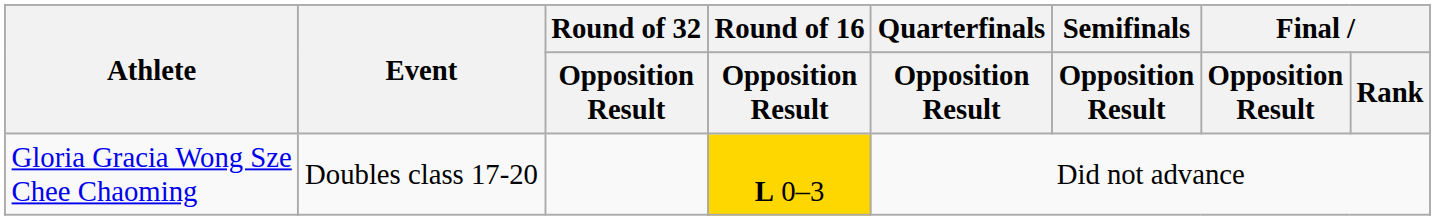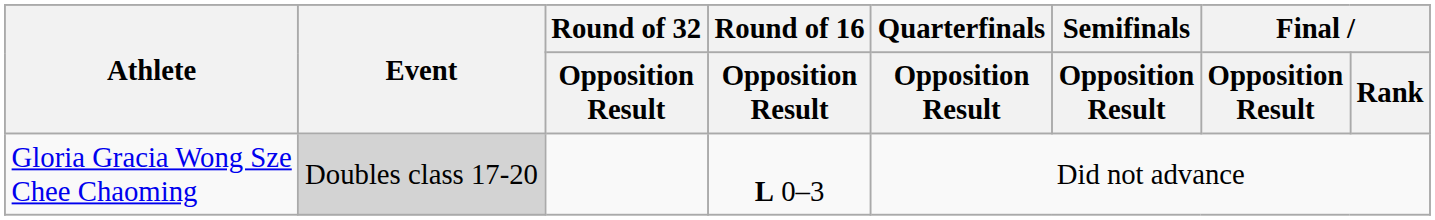 <table class=wikitable style="font-size:95%">
 <tr>
 <th rowspan="2">Athlete</th>
 <th rowspan="2">Event</th>
 <th>Round of 32</th>
 <th>Round of 16</th>
 <th>Quarterfinals</th>
 <th>Semifinals</th>
 <th colspan="2">Final / </th>
 </tr>
 <tr>
 <th>Opposition<br>Result</th>
 <th>Opposition<br>Result</th>
 <th>Opposition<br>Result</th>
 <th>Opposition<br>Result</th>
 <th>Opposition<br>Result</th>
 <th>Rank</th>
 </tr>
 <tr align=center>
 <td align=left><a href='#'>Gloria Gracia Wong Sze</a><br><a href='#'>Chee Chaoming</a></td>
-<td align=left>Doubles class 17-20</td>
+<td align=left style="background: lightgrey;">Doubles class 17-20</td>
 <td></td>
-<td style="background: gold;"><br><strong>L</strong> 0–3</td>
+<td><br><strong>L</strong> 0–3</td>
 <td colspan="4">Did not advance</td>
 </tr>
 </table>
